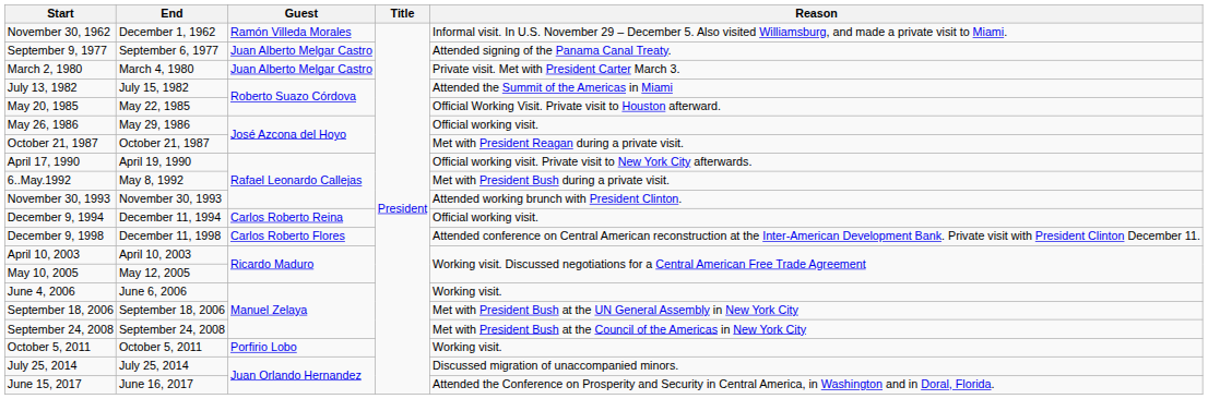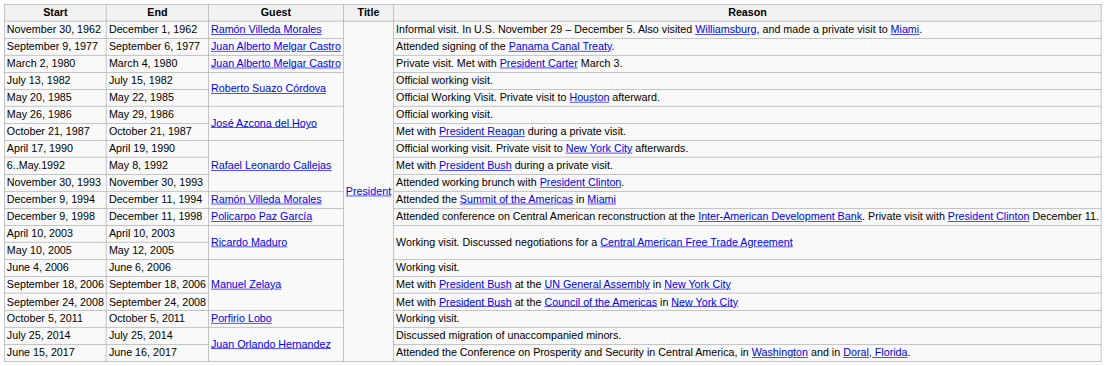 <table class="wikitable sortable">
 <tr>
 <th>Start</th>
 <th>End</th>
 <th>Guest</th>
 <th>Title</th>
 <th>Reason</th>
 </tr>
 <tr>
 <td>November 30, 1962</td>
 <td>December 1, 1962</td>
 <td><a href='#'>Ramón Villeda Morales</a></td>
 <td rowspan="20"><a href='#'>President</a></td>
 <td>Informal visit. In U.S. November 29 – December 5. Also visited <a href='#'>Williamsburg</a>, and made a private visit to <a href='#'>Miami</a>.</td>
 </tr>
 <tr>
 <td>September 9, 1977</td>
 <td>September 6, 1977</td>
 <td><a href='#'>Juan Alberto Melgar Castro</a></td>
 <td>Attended signing of the <a href='#'>Panama Canal Treaty</a>.</td>
 </tr>
 <tr>
 <td>March 2, 1980</td>
 <td>March 4, 1980</td>
 <td><a href='#'>Juan Alberto Melgar Castro</a></td>
 <td>Private visit. Met with <a href='#'>President Carter</a> March 3.</td>
 </tr>
 <tr>
 <td>July 13, 1982</td>
 <td>July 15, 1982</td>
 <td rowspan=2><a href='#'>Roberto Suazo Córdova</a></td>
-<td>Attended the <a href='#'>Summit of the Americas</a> in <a href='#'>Miami</a></td>
+<td>Official working visit.</td>
 </tr>
 <tr>
 <td>May 20, 1985</td>
 <td>May 22, 1985</td>
 <td>Official Working Visit. Private visit to <a href='#'>Houston</a> afterward.</td>
 </tr>
 <tr>
 <td>May 26, 1986</td>
 <td>May 29, 1986</td>
 <td rowspan=2><a href='#'>José Azcona del Hoyo</a></td>
 <td>Official working visit.</td>
 </tr>
 <tr>
 <td>October 21, 1987</td>
 <td>October 21, 1987</td>
 <td>Met with <a href='#'>President Reagan</a> during a private visit.</td>
 </tr>
 <tr>
 <td>April 17, 1990</td>
 <td>April 19, 1990</td>
 <td rowspan=3><a href='#'>Rafael Leonardo Callejas</a></td>
 <td>Official working visit. Private visit to <a href='#'>New York City</a> afterwards.</td>
 </tr>
 <tr>
 <td>6..May.1992</td>
 <td>May 8, 1992</td>
 <td>Met with <a href='#'>President Bush</a> during a private visit.</td>
 </tr>
 <tr>
 <td>November 30, 1993</td>
 <td>November 30, 1993</td>
 <td>Attended working brunch with <a href='#'>President Clinton</a>.</td>
 </tr>
 <tr>
 <td>December 9, 1994</td>
 <td>December 11, 1994</td>
-<td><a href='#'>Carlos Roberto Reina</a></td>
-<td>Official working visit.</td>
+<td><a href='#'>Ramón Villeda Morales</a></td>
+<td>Attended the <a href='#'>Summit of the Americas</a> in <a href='#'>Miami</a></td>
 </tr>
 <tr>
 <td>December 9, 1998</td>
 <td>December 11, 1998</td>
-<td><a href='#'>Carlos Roberto Flores</a></td>
+<td><a href='#'>Policarpo Paz García</a></td>
 <td>Attended conference on Central American reconstruction at the <a href='#'>Inter-American Development Bank</a>. Private visit with <a href='#'>President Clinton</a> December 11.</td>
 </tr>
 <tr>
 <td>April 10, 2003</td>
 <td>April 10, 2003</td>
 <td rowspan=2><a href='#'>Ricardo Maduro</a></td>
 <td rowspan=2>Working visit. Discussed negotiations for a <a href='#'>Central American Free Trade Agreement</a></td>
 </tr>
 <tr>
 <td>May 10, 2005</td>
 <td>May 12, 2005</td>
 </tr>
 <tr>
 <td>June 4, 2006</td>
 <td>June 6, 2006</td>
 <td rowspan=3><a href='#'>Manuel Zelaya</a></td>
 <td>Working visit.</td>
 </tr>
 <tr>
 <td>September 18, 2006</td>
 <td>September 18, 2006</td>
 <td>Met with <a href='#'>President Bush</a> at the <a href='#'>UN General Assembly</a> in <a href='#'>New York City</a></td>
 </tr>
 <tr>
 <td>September 24, 2008</td>
 <td>September 24, 2008</td>
 <td>Met with <a href='#'>President Bush</a> at the <a href='#'>Council of the Americas</a> in <a href='#'>New York City</a></td>
 </tr>
 <tr>
 <td>October 5, 2011</td>
 <td>October 5, 2011</td>
 <td><a href='#'>Porfirio Lobo</a></td>
 <td>Working visit.</td>
 </tr>
 <tr>
 <td>July 25, 2014</td>
 <td>July 25, 2014</td>
 <td rowspan="2"><a href='#'>Juan Orlando Hernandez</a></td>
 <td>Discussed migration of unaccompanied minors.</td>
 </tr>
 <tr>
 <td>June 15, 2017</td>
 <td>June 16, 2017</td>
 <td>Attended the Conference on Prosperity and Security in Central America, in <a href='#'>Washington</a> and in <a href='#'>Doral, Florida</a>.</td>
 </tr>
 </table>
